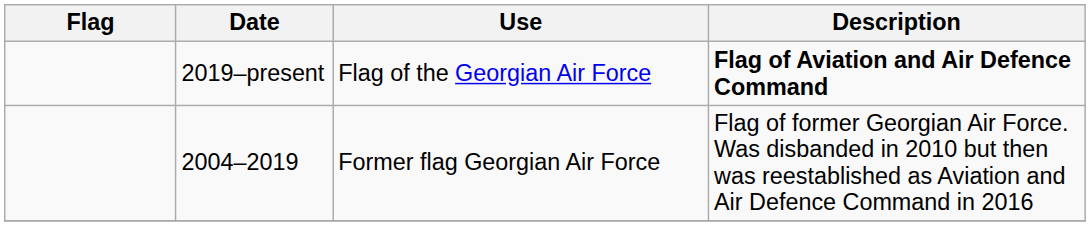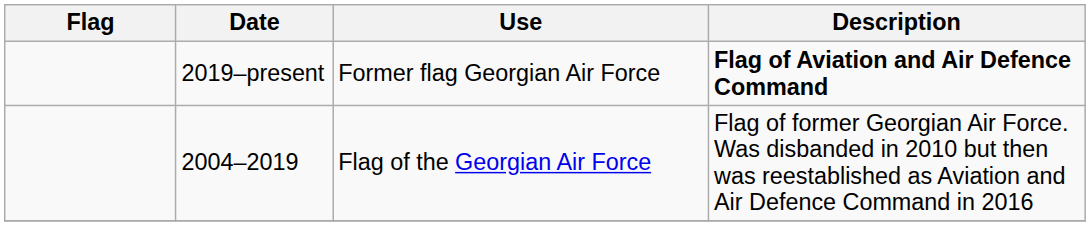 <table class="wikitable">
 <tr>
 <th width="110">Flag</th>
 <th width="100">Date</th>
 <th width="250">Use</th>
 <th width="250">Description</th>
 </tr>
 <tr>
 <td></td>
 <td>2019–present</td>
-<td>Flag of the <a href='#'>Georgian Air Force</a></td>
+<td>Former flag Georgian Air Force</td>
 <td><strong>Flag of Aviation and Air Defence Command</strong></td>
 </tr>
 <tr>
 <td></td>
 <td>2004–2019</td>
-<td>Former flag Georgian Air Force</td>
+<td>Flag of the <a href='#'>Georgian Air Force</a></td>
 <td>Flag of former Georgian Air Force. Was disbanded in 2010 but then was reestablished as Aviation and Air Defence Command in 2016</td>
 </tr>
 <tr>
 </tr>
 </table>
